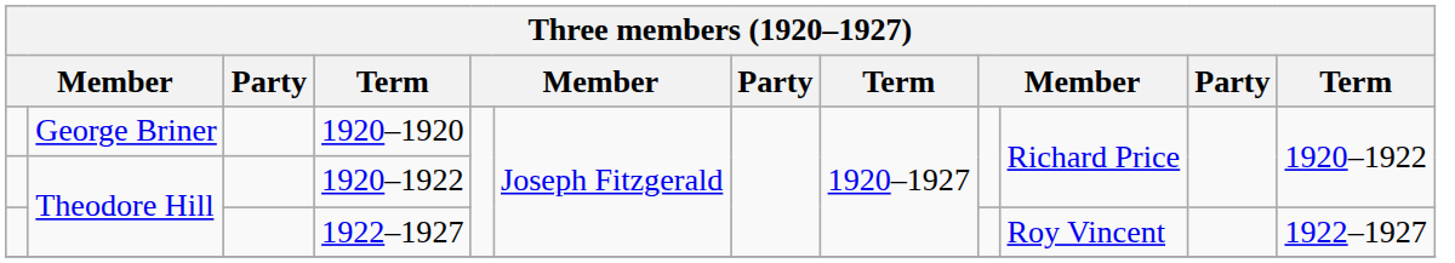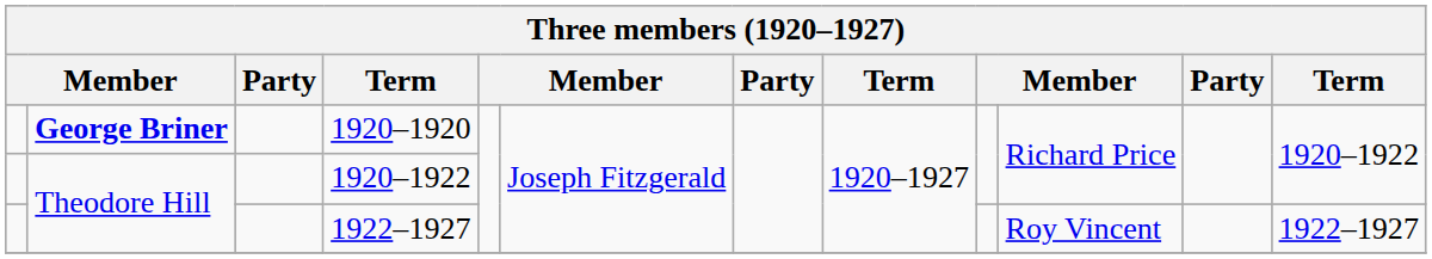 <table class="wikitable">
 <tr>
 <th colspan="12">Three members (1920–1927)</th>
 </tr>
 <tr>
 <th colspan="2">Member</th>
 <th>Party</th>
 <th>Term</th>
 <th colspan="2">Member</th>
 <th>Party</th>
 <th>Term</th>
 <th colspan="2">Member</th>
 <th>Party</th>
 <th>Term</th>
 </tr>
 <tr>
 <td> </td>
-<td><a href='#'>George Briner</a></td>
+<td><strong><a href='#'>George Briner</a></strong></td>
 <td></td>
 <td><a href='#'>1920</a>–1920</td>
 <td rowspan="3" > </td>
 <td rowspan="3"><a href='#'>Joseph Fitzgerald</a></td>
 <td rowspan="3"></td>
 <td rowspan="3"><a href='#'>1920</a>–1927</td>
 <td rowspan="2" > </td>
 <td rowspan="2"><a href='#'>Richard Price</a></td>
 <td rowspan="2"></td>
 <td rowspan="2"><a href='#'>1920</a>–1922</td>
 </tr>
 <tr>
 <td> </td>
 <td rowspan="2"><a href='#'>Theodore Hill</a></td>
 <td></td>
 <td><a href='#'>1920</a>–1922</td>
 </tr>
 <tr>
 <td> </td>
 <td></td>
 <td><a href='#'>1922</a>–1927</td>
 <td> </td>
 <td><a href='#'>Roy Vincent</a></td>
 <td></td>
 <td><a href='#'>1922</a>–1927</td>
 </tr>
 <tr>
 </tr>
 </table>
